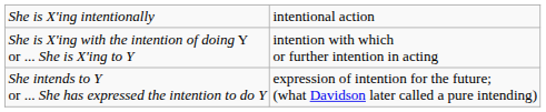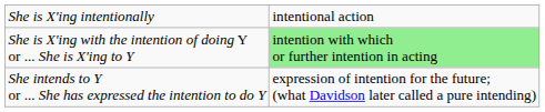 <table class="wikitable">
 <tr>
 <td><em>She is X'ing intentionally</em></td>
 <td>intentional action</td>
 </tr>
 <tr>
 <td><em>She is X'ing with the intention of doing</em> Y <br>or ... <em>She is X'ing to Y</em></td>
-<td>intention with which<br> or further intention in acting</td>
+<td style="background: lightgreen;">intention with which<br> or further intention in acting</td>
 </tr>
 <tr>
 <td><em>She intends to Y</em> <br>or ... <em>She has expressed the intention to do Y</em></td>
 <td>expression of intention for the future;<br> (what <a href='#'>Davidson</a> later called a pure intending)</td>
 </tr>
 </table>
